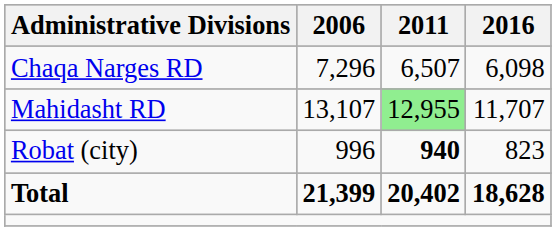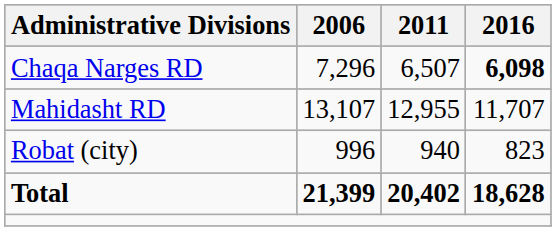 <table class="wikitable">
 <tr>
 <th>Administrative Divisions</th>
 <th>2006</th>
 <th>2011</th>
 <th>2016</th>
 </tr>
 <tr>
 <td><a href='#'>Chaqa Narges RD</a></td>
 <td style="text-align: right;">7,296</td>
 <td style="text-align: right;">6,507</td>
-<td style="text-align: right;">6,098</td>
+<td style="text-align: right;"><strong>6,098</strong></td>
 </tr>
 <tr>
 <td><a href='#'>Mahidasht RD</a></td>
 <td style="text-align: right;">13,107</td>
-<td style="background: lightgreen; text-align: right;">12,955</td>
+<td style="text-align: right;">12,955</td>
 <td style="text-align: right;">11,707</td>
 </tr>
 <tr>
 <td><a href='#'>Robat</a> (city)</td>
 <td style="text-align: right;">996</td>
-<td style="text-align: right;"><strong>940</strong></td>
+<td style="text-align: right;">940</td>
 <td style="text-align: right;">823</td>
 </tr>
 <tr>
 <td><strong>Total</strong></td>
 <td style="text-align: right;"><strong>21,399</strong></td>
 <td style="text-align: right;"><strong>20,402</strong></td>
 <td style="text-align: right;"><strong>18,628</strong></td>
 </tr>
 <tr>
 <td colspan=4></td>
 </tr>
 </table>
